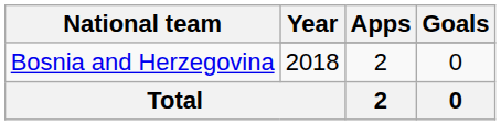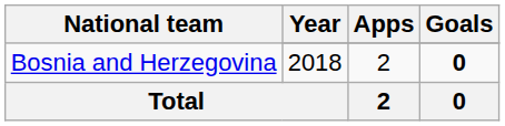 <table class=wikitable style="text-align: center">
 <tr>
 <th>National team</th>
 <th>Year</th>
 <th>Apps</th>
 <th>Goals</th>
 </tr>
 <tr>
 <td rowspan=2><a href='#'>Bosnia and Herzegovina</a></td>
 </tr>
 <tr>
 <td>2018</td>
 <td>2</td>
-<td>0</td>
+<td><strong>0</strong></td>
 </tr>
 <tr>
 <th colspan=2>Total</th>
 <th>2</th>
 <th>0</th>
 </tr>
 </table>
